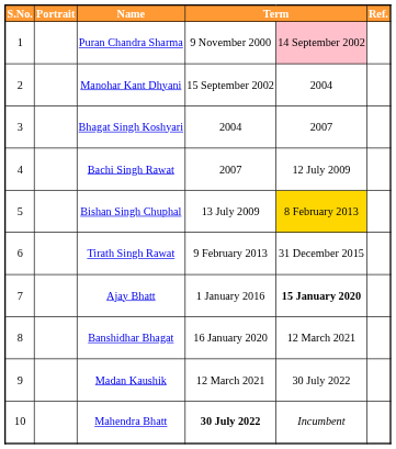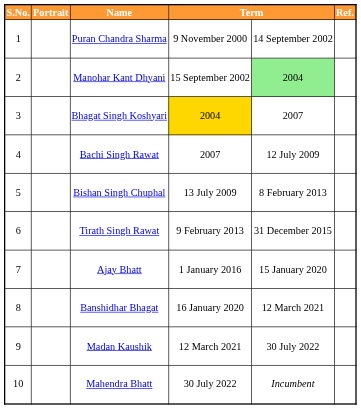 <table class="sortable" style="border-collapse: collapse; border: 2px #000000 solid; font-size: x-big; width="70%" cellspacing="0" cellpadding="2" border="1">
 <tr style="background-color:#FF9933; color:white">
 <th>S.No.</th>
 <th>Portrait</th>
 <th>Name</th>
 <th colspan=2>Term</th>
 <th>Ref.</th>
 </tr>
 <tr style="text-align:center; height:60px;">
 <td>1</td>
 <td></td>
 <td><a href='#'>Puran Chandra Sharma</a></td>
 <td>9 November 2000</td>
-<td style="background: pink;">14 September 2002</td>
+<td>14 September 2002</td>
 <td></td>
 </tr>
 <tr style="text-align:center; height:60px;">
 <td>2</td>
 <td></td>
 <td><a href='#'>Manohar Kant Dhyani</a></td>
 <td>15 September 2002</td>
-<td>2004</td>
+<td style="background: lightgreen;">2004</td>
 <td></td>
 </tr>
 <tr style="text-align:center; height:60px;">
 <td>3</td>
 <td></td>
 <td><a href='#'>Bhagat Singh Koshyari</a></td>
-<td>2004</td>
+<td style="background: gold;">2004</td>
 <td>2007</td>
 <td></td>
 </tr>
 <tr style="text-align:center; height:60px;">
 <td>4</td>
 <td></td>
 <td><a href='#'>Bachi Singh Rawat</a></td>
 <td>2007</td>
 <td>12 July 2009</td>
 <td></td>
 </tr>
 <tr style="text-align:center; height:60px;">
 <td>5</td>
 <td></td>
 <td><a href='#'>Bishan Singh Chuphal</a></td>
 <td>13 July 2009</td>
-<td style="background: gold;">8 February 2013</td>
+<td>8 February 2013</td>
 <td></td>
 </tr>
 <tr style="text-align:center; height:60px;">
 <td>6</td>
 <td></td>
 <td><a href='#'>Tirath Singh Rawat</a></td>
 <td>9 February 2013</td>
 <td>31 December 2015</td>
 <td></td>
 </tr>
 <tr style="text-align:center; height:60px;">
 <td>7</td>
 <td></td>
 <td><a href='#'>Ajay Bhatt</a></td>
 <td>1 January 2016</td>
-<td><strong>15 January 2020</strong></td>
+<td>15 January 2020</td>
 <td></td>
 </tr>
 <tr style="text-align:center; height:60px;">
 <td>8</td>
 <td></td>
 <td><a href='#'>Banshidhar Bhagat</a></td>
 <td>16 January 2020</td>
 <td>12 March 2021</td>
 <td></td>
 </tr>
 <tr style="text-align:center; height:60px;">
 <td>9</td>
 <td></td>
 <td><a href='#'>Madan Kaushik</a></td>
 <td>12 March 2021</td>
 <td>30 July 2022</td>
 <td></td>
 </tr>
 <tr style="text-align:center; height:60px;">
 <td>10</td>
 <td></td>
 <td><a href='#'>Mahendra Bhatt</a></td>
-<td><strong>30 July 2022</strong></td>
+<td>30 July 2022</td>
 <td><em>Incumbent</em></td>
 <td></td>
 </tr>
 </table>
